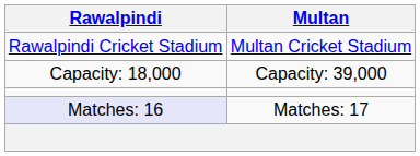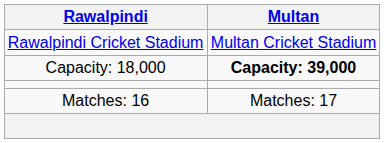 <table class="wikitable" style="text-align:center;margin:1em auto;">
 <tr>
 <th><a href='#'>Rawalpindi</a></th>
 <th><a href='#'>Multan</a></th>
 </tr>
 <tr>
 <td><a href='#'>Rawalpindi Cricket Stadium</a></td>
 <td><a href='#'>Multan Cricket Stadium</a></td>
 </tr>
 <tr>
 <td>Capacity: 18,000</td>
-<td>Capacity: 39,000</td>
+<td><strong>Capacity: 39,000</strong></td>
 </tr>
 <tr>
 <td></td>
 <td></td>
 </tr>
 <tr>
-<td style="background: lavender;">Matches: 16</td>
+<td>Matches: 16</td>
 <td>Matches: 17</td>
 </tr>
 <tr>
 <th colspan="4"><br></th>
 </tr>
 </table>
